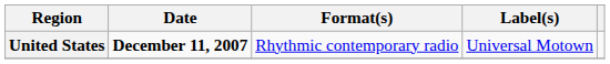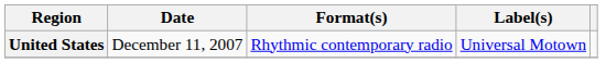 <table class="wikitable plainrowheaders">
 <tr>
 <th scope="col">Region</th>
 <th scope="col">Date</th>
 <th scope="col">Format(s)</th>
 <th scope="col">Label(s)</th>
 <th scope="col"></th>
 </tr>
 <tr>
 <th scope="row">United States</th>
-<td><strong>December 11, 2007</strong></td>
+<td>December 11, 2007</td>
 <td><a href='#'>Rhythmic contemporary radio</a></td>
 <td><a href='#'>Universal Motown</a></td>
 <td align="center"></td>
 </tr>
 <tr>
 </tr>
 </table>
